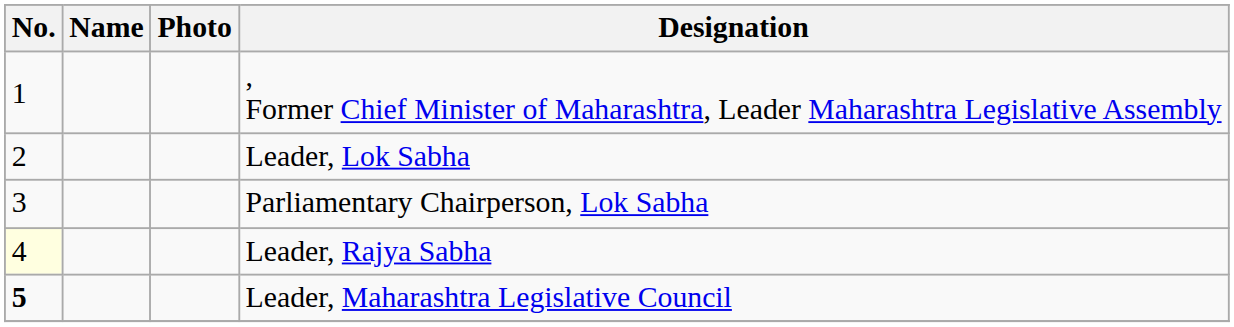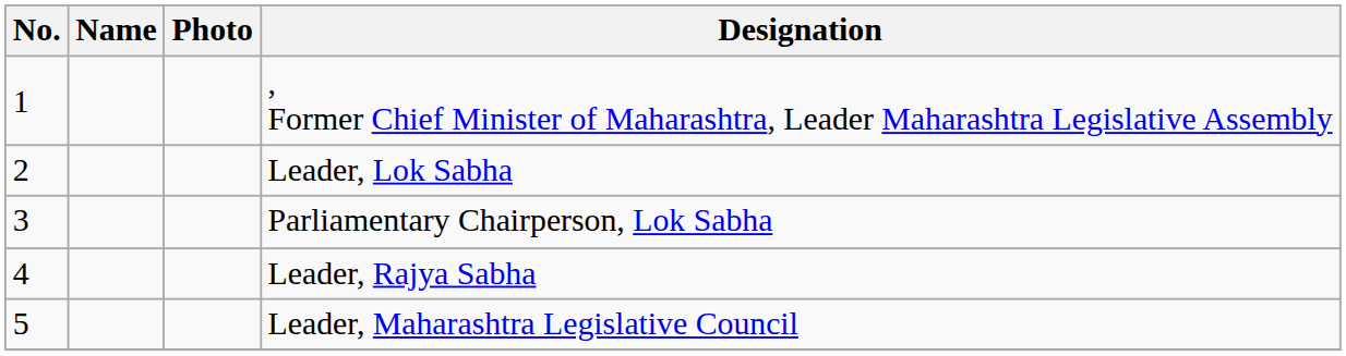 <table class="wikitable">
 <tr>
 <th style="background-color:">No.</th>
 <th style="background-color:">Name</th>
 <th style="background-color:">Photo</th>
 <th style="background-color:">Designation</th>
 </tr>
 <tr>
 <td>1</td>
 <td><strong></strong></td>
 <td></td>
 <td>,<br>Former <a href='#'>Chief Minister of Maharashtra</a>, Leader <a href='#'>Maharashtra Legislative Assembly</a></td>
 </tr>
 <tr>
 <td>2</td>
 <td><strong></strong></td>
 <td></td>
 <td>Leader, <a href='#'>Lok Sabha</a></td>
 </tr>
 <tr>
 <td>3</td>
 <td><strong></strong></td>
 <td></td>
 <td>Parliamentary Chairperson, <a href='#'>Lok Sabha</a></td>
 </tr>
 <tr>
-<td style="background: lightyellow;">4</td>
+<td>4</td>
 <td><strong></strong></td>
 <td></td>
 <td>Leader, <a href='#'>Rajya Sabha</a></td>
 </tr>
 <tr>
-<td><strong>5</strong></td>
+<td>5</td>
 <td><strong></strong></td>
 <td></td>
 <td>Leader, <a href='#'>Maharashtra Legislative Council</a></td>
 </tr>
 <tr>
 </tr>
 </table>
